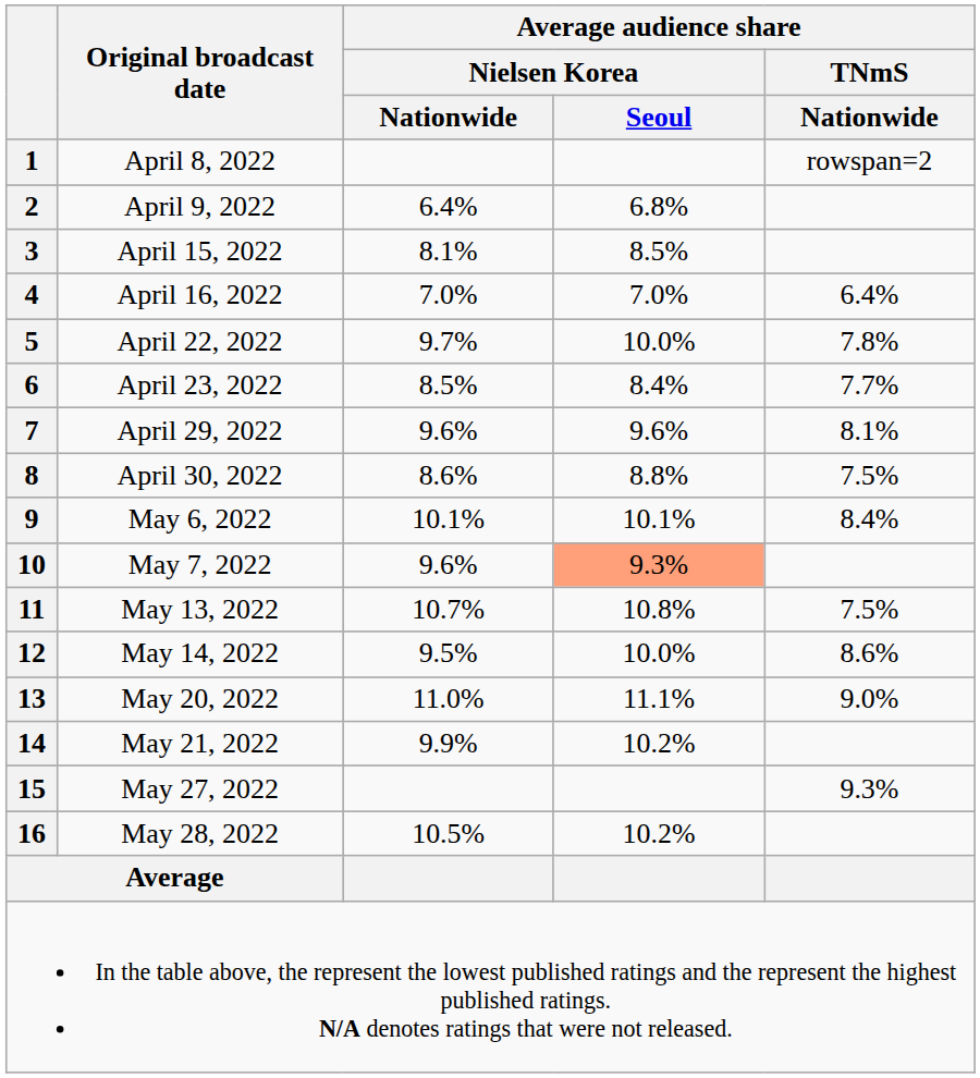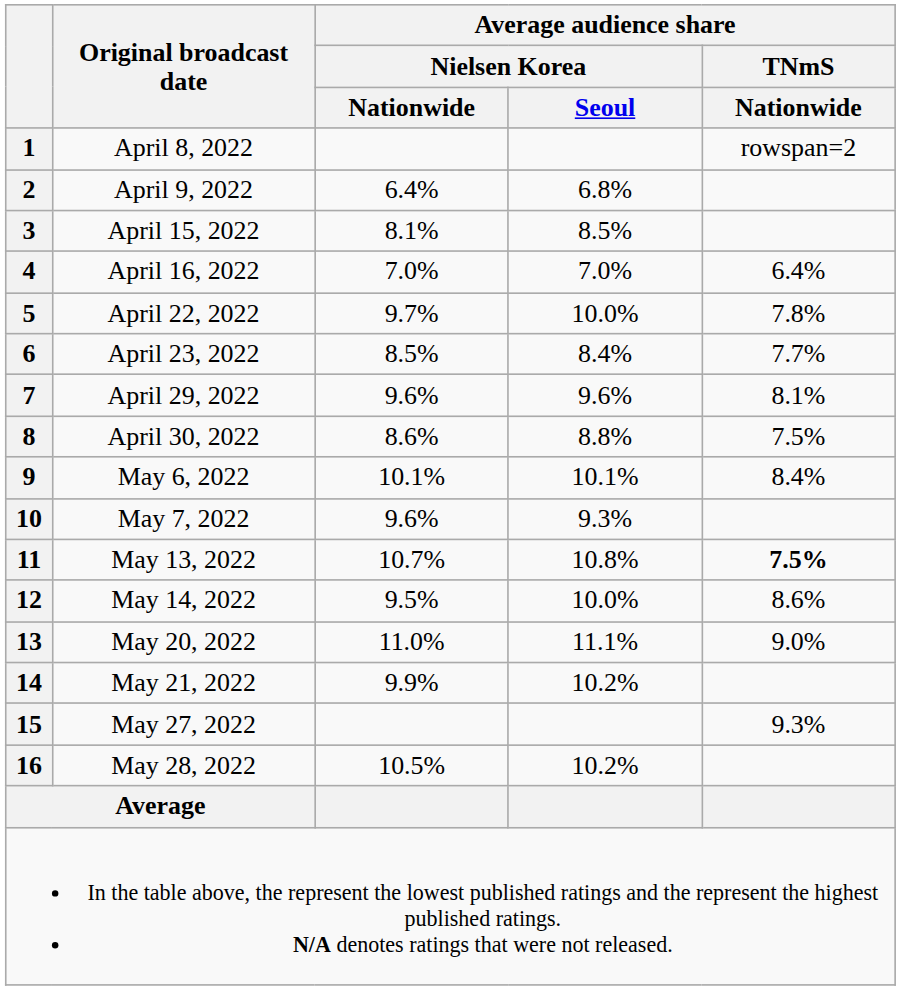 <table class="wikitable" style="text-align:center; max-width:550px; margin-left:auto; margin-right:auto">
 <tr>
 <th scope="col" rowspan="3"></th>
 <th scope="col" rowspan="3">Original broadcast date</th>
 <th scope="col" colspan="3">Average audience share</th>
 </tr>
 <tr>
 <th scope="col" colspan="2">Nielsen Korea</th>
 <th scope="col">TNmS</th>
 </tr>
 <tr>
 <th scope="col" style="width:7em">Nationwide</th>
 <th scope="col" style="width:7em"><a href='#'>Seoul</a></th>
 <th scope="col" style="width:7em">Nationwide</th>
 </tr>
 <tr>
 <th scope="col">1</th>
 <td>April 8, 2022</td>
 <td> </td>
 <td> </td>
 <td>rowspan=2 </td>
 </tr>
 <tr>
 <th scope="col">2</th>
 <td>April 9, 2022</td>
 <td>6.4% </td>
 <td>6.8% </td>
 </tr>
 <tr>
 <th scope="col">3</th>
 <td>April 15, 2022</td>
 <td>8.1% </td>
 <td>8.5% </td>
 <td> </td>
 </tr>
 <tr>
 <th scope="col">4</th>
 <td>April 16, 2022</td>
 <td>7.0% </td>
 <td>7.0% </td>
 <td>6.4% </td>
 </tr>
 <tr>
 <th scope="col">5</th>
 <td>April 22, 2022</td>
 <td>9.7% </td>
 <td>10.0% </td>
 <td>7.8% </td>
 </tr>
 <tr>
 <th scope="col">6</th>
 <td>April 23, 2022</td>
 <td>8.5% </td>
 <td>8.4% </td>
 <td>7.7% </td>
 </tr>
 <tr>
 <th scope="col">7</th>
 <td>April 29, 2022</td>
 <td>9.6% </td>
 <td>9.6% </td>
 <td>8.1% </td>
 </tr>
 <tr>
 <th scope="col">8</th>
 <td>April 30, 2022</td>
 <td>8.6% </td>
 <td>8.8% </td>
 <td>7.5% </td>
 </tr>
 <tr>
 <th scope="col">9</th>
 <td>May 6, 2022</td>
 <td>10.1% </td>
 <td>10.1% </td>
 <td>8.4% </td>
 </tr>
 <tr>
 <th scope="col">10</th>
 <td>May 7, 2022</td>
 <td>9.6% </td>
-<td style="background: lightsalmon;">9.3% </td>
+<td>9.3% </td>
 <td> </td>
 </tr>
 <tr>
 <th scope="col">11</th>
 <td>May 13, 2022</td>
 <td>10.7% </td>
 <td>10.8% </td>
-<td>7.5% </td>
+<td><strong>7.5% </strong></td>
 </tr>
 <tr>
 <th scope="col">12</th>
 <td>May 14, 2022</td>
 <td>9.5% </td>
 <td>10.0% </td>
 <td>8.6% </td>
 </tr>
 <tr>
 <th scope="col">13</th>
 <td>May 20, 2022</td>
 <td>11.0% </td>
 <td>11.1% </td>
 <td>9.0% </td>
 </tr>
 <tr>
 <th scope="col">14</th>
 <td>May 21, 2022</td>
 <td>9.9% </td>
 <td>10.2% </td>
 <td></td>
 </tr>
 <tr>
 <th scope="col">15</th>
 <td>May 27, 2022</td>
 <td> </td>
 <td> </td>
 <td>9.3% </td>
 </tr>
 <tr>
 <th scope="col">16</th>
 <td>May 28, 2022</td>
 <td>10.5% </td>
 <td>10.2% </td>
 <td> </td>
 </tr>
 <tr>
 <th colspan="2" scope="col">Average</th>
 <th scope="col"></th>
 <th scope="col"></th>
 <th scope="col"></th>
 </tr>
 <tr>
 <td colspan="5" style="font-size:85%"><br><ul><li>In the table above, the <strong></strong> represent the lowest published ratings and the <strong></strong> represent the highest published ratings.</li><li><strong>N/A</strong> denotes ratings that were not released.</li></ul></td>
 </tr>
 </table>
